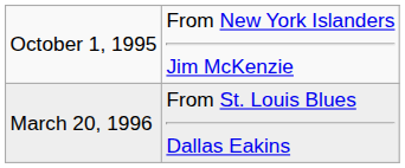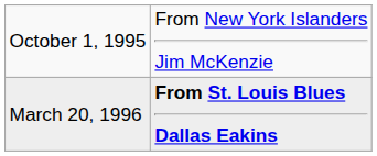 <table class="wikitable">
 <tr>
 <td>October 1, 1995</td>
 <td valign="top">From <a href='#'>New York Islanders</a><hr><a href='#'>Jim McKenzie</a></td>
 </tr>
 <tr style="background:#eee;">
 <td>March 20, 1996</td>
-<td valign="top">From <a href='#'>St. Louis Blues</a><hr><a href='#'>Dallas Eakins</a></td>
+<td valign="top"><strong>From <a href='#'>St. Louis Blues</a><hr><a href='#'>Dallas Eakins</a></strong></td>
 </tr>
 </table>
